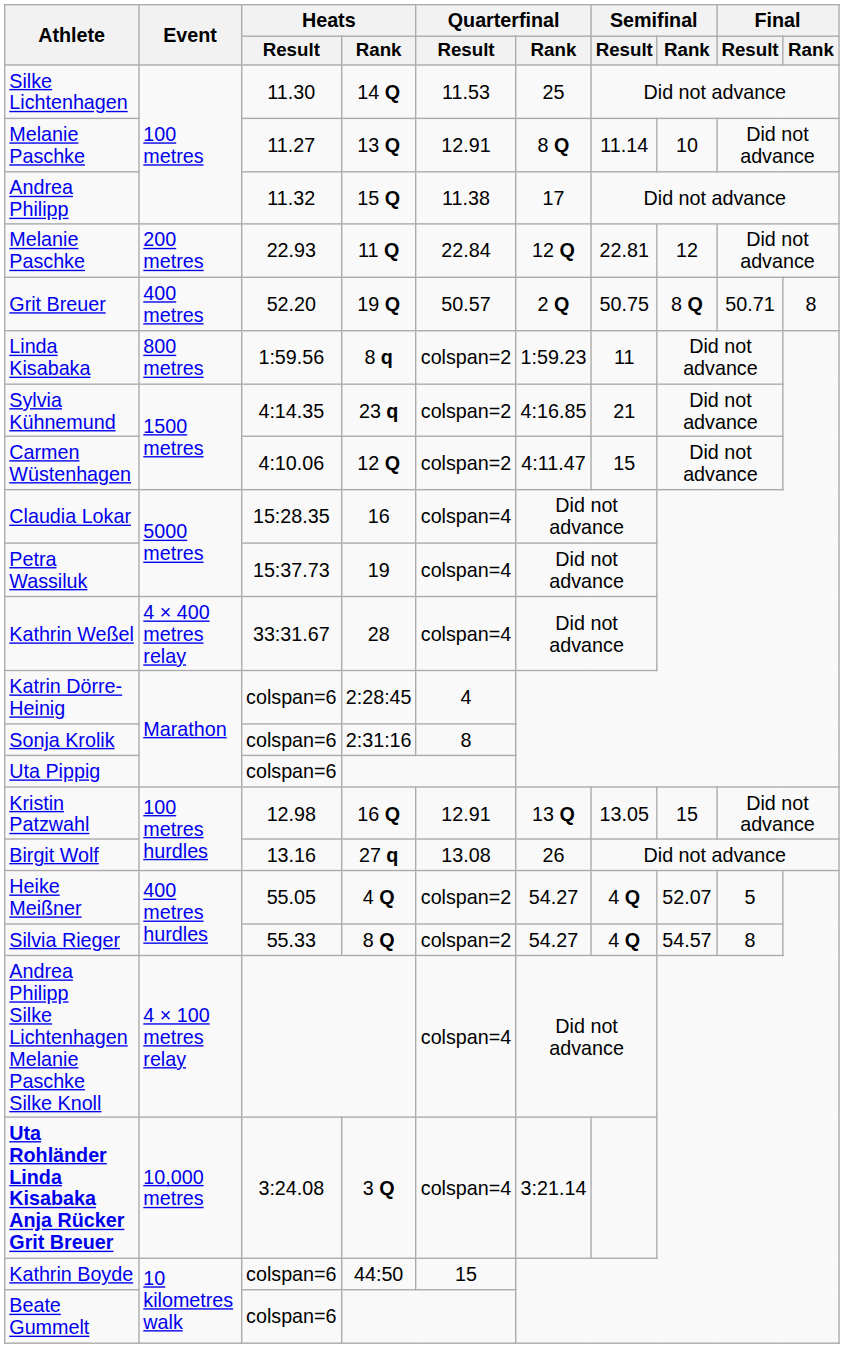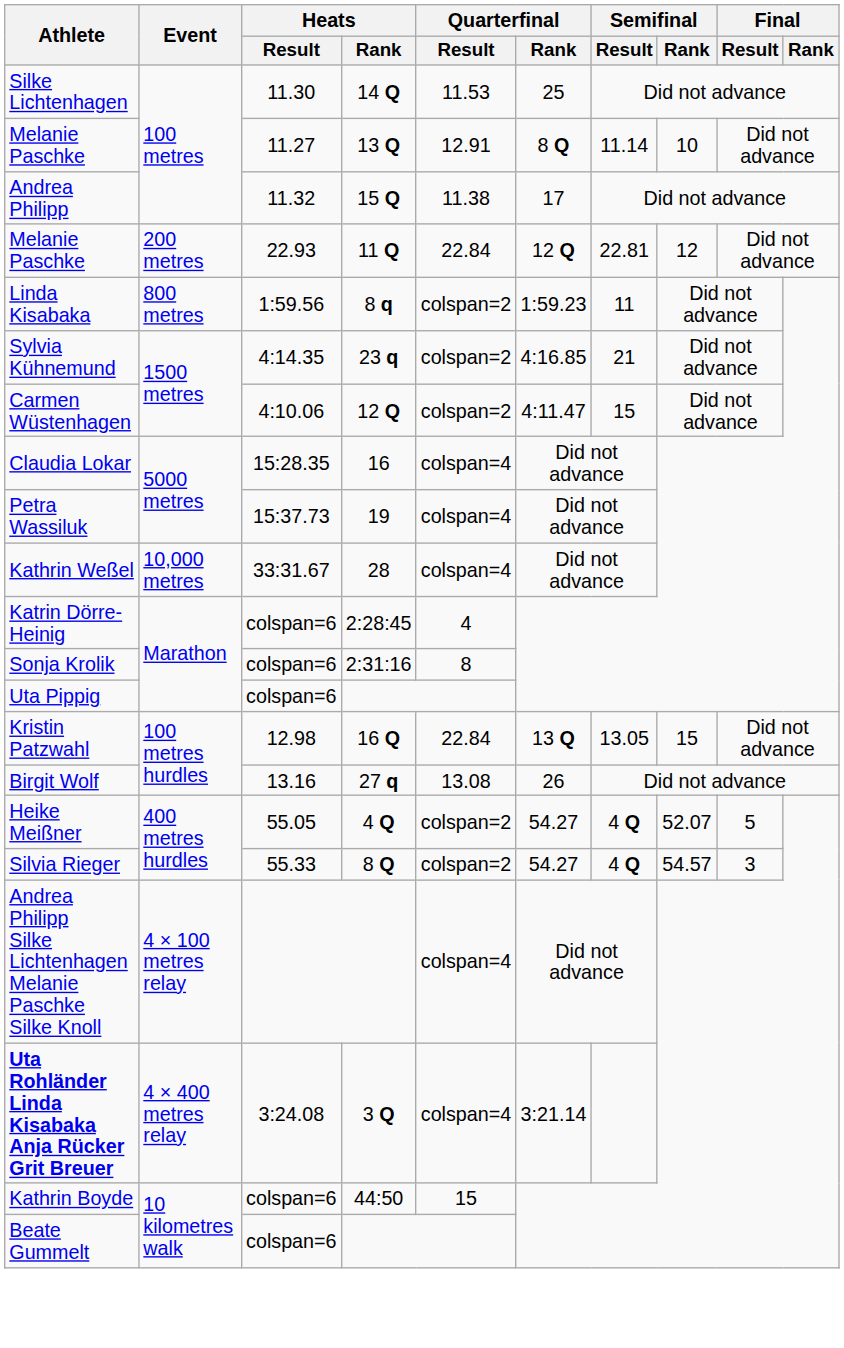 <table class="wikitable" style="font-size:90%">
 <tr>
 <th rowspan="2">Athlete</th>
 <th rowspan="2">Event</th>
 <th colspan="2">Heats</th>
 <th colspan="2">Quarterfinal</th>
 <th colspan="2">Semifinal</th>
 <th colspan="2">Final</th>
 </tr>
 <tr style="font-size:95%">
 <th>Result</th>
 <th>Rank</th>
 <th>Result</th>
 <th>Rank</th>
 <th>Result</th>
 <th>Rank</th>
 <th>Result</th>
 <th>Rank</th>
 </tr>
 <tr align=center>
 <td align=left><a href='#'>Silke Lichtenhagen</a></td>
 <td align=left rowspan=3><a href='#'>100 metres</a></td>
 <td>11.30</td>
 <td>14 <strong>Q</strong></td>
 <td>11.53</td>
 <td>25</td>
 <td colspan=4>Did not advance</td>
 </tr>
 <tr align=center>
 <td align=left><a href='#'>Melanie Paschke</a></td>
 <td>11.27</td>
 <td>13 <strong>Q</strong></td>
 <td>12.91</td>
 <td>8 <strong>Q</strong></td>
 <td>11.14</td>
 <td>10</td>
 <td colspan=2>Did not advance</td>
 </tr>
 <tr align=center>
 <td align=left><a href='#'>Andrea Philipp</a></td>
 <td>11.32</td>
 <td>15 <strong>Q</strong></td>
 <td>11.38</td>
 <td>17</td>
 <td colspan=4>Did not advance</td>
 </tr>
 <tr align=center>
 <td align=left><a href='#'>Melanie Paschke</a></td>
 <td align=left><a href='#'>200 metres</a></td>
 <td>22.93</td>
 <td>11 <strong>Q</strong></td>
 <td>22.84</td>
 <td>12 <strong>Q</strong></td>
 <td>22.81</td>
 <td>12</td>
 <td colspan=2>Did not advance</td>
 </tr>
 <tr align=center>
-<td align=left><a href='#'>Grit Breuer</a></td>
-<td align=left><a href='#'>400 metres</a></td>
-<td>52.20</td>
-<td>19 <strong>Q</strong></td>
-<td>50.57</td>
-<td>2 <strong>Q</strong></td>
-<td>50.75</td>
-<td>8 <strong>Q</strong></td>
-<td>50.71</td>
-<td>8</td>
-</tr>
-<tr align=center>
 <td align=left><a href='#'>Linda Kisabaka</a></td>
 <td align=left><a href='#'>800 metres</a></td>
 <td>1:59.56</td>
 <td>8 <strong>q</strong></td>
 <td>colspan=2</td>
 <td>1:59.23</td>
 <td>11</td>
 <td colspan=2>Did not advance</td>
 </tr>
 <tr align=center>
 <td align=left><a href='#'>Sylvia Kühnemund</a></td>
 <td align=left rowspan=2><a href='#'>1500 metres</a></td>
 <td>4:14.35</td>
 <td>23 <strong>q</strong></td>
 <td>colspan=2</td>
 <td>4:16.85</td>
 <td>21</td>
 <td colspan=2>Did not advance</td>
 </tr>
 <tr align=center>
 <td align=left><a href='#'>Carmen Wüstenhagen</a></td>
 <td>4:10.06</td>
 <td>12 <strong>Q</strong></td>
 <td>colspan=2</td>
 <td>4:11.47</td>
 <td>15</td>
 <td colspan=2>Did not advance</td>
 </tr>
 <tr align=center>
 <td align=left><a href='#'>Claudia Lokar</a></td>
 <td align=left rowspan=2><a href='#'>5000 metres</a></td>
 <td>15:28.35</td>
 <td>16</td>
 <td>colspan=4</td>
 <td colspan=2>Did not advance</td>
 </tr>
 <tr align=center>
 <td align=left><a href='#'>Petra Wassiluk</a></td>
 <td>15:37.73</td>
 <td>19</td>
 <td>colspan=4</td>
 <td colspan=2>Did not advance</td>
 </tr>
 <tr align=center>
 <td align=left><a href='#'>Kathrin Weßel</a></td>
-<td align=left><a href='#'>4 × 400 metres relay</a></td>
+<td align=left><a href='#'>10,000 metres</a></td>
 <td>33:31.67</td>
 <td>28</td>
 <td>colspan=4</td>
 <td colspan=2>Did not advance</td>
 </tr>
 <tr align=center>
 <td align=left><a href='#'>Katrin Dörre-Heinig</a></td>
 <td align=left rowspan=3><a href='#'>Marathon</a></td>
 <td>colspan=6</td>
 <td>2:28:45</td>
 <td>4</td>
 </tr>
 <tr align=center>
 <td align=left><a href='#'>Sonja Krolik</a></td>
 <td>colspan=6</td>
 <td>2:31:16</td>
 <td>8</td>
 </tr>
 <tr align=center>
 <td align=left><a href='#'>Uta Pippig</a></td>
 <td>colspan=6</td>
 <td colspan=2></td>
 </tr>
 <tr align=center>
 <td align=left><a href='#'>Kristin Patzwahl</a></td>
 <td align=left rowspan=2><a href='#'>100 metres hurdles</a></td>
 <td>12.98</td>
 <td>16 <strong>Q</strong></td>
-<td>12.91</td>
+<td>22.84</td>
 <td>13 <strong>Q</strong></td>
 <td>13.05</td>
 <td>15</td>
 <td colspan=2>Did not advance</td>
 </tr>
 <tr align=center>
 <td align=left><a href='#'>Birgit Wolf</a></td>
 <td>13.16</td>
 <td>27 <strong>q</strong></td>
 <td>13.08</td>
 <td>26</td>
 <td colspan=4>Did not advance</td>
 </tr>
 <tr align=center>
 <td align=left><a href='#'>Heike Meißner</a></td>
 <td align=left rowspan=2><a href='#'>400 metres hurdles</a></td>
 <td>55.05</td>
 <td>4 <strong>Q</strong></td>
 <td>colspan=2</td>
 <td>54.27</td>
 <td>4 <strong>Q</strong></td>
 <td>52.07</td>
 <td>5</td>
 </tr>
 <tr align=center>
 <td align=left><a href='#'>Silvia Rieger</a></td>
 <td>55.33</td>
 <td>8 <strong>Q</strong></td>
 <td>colspan=2</td>
 <td>54.27</td>
 <td>4 <strong>Q</strong></td>
 <td>54.57</td>
-<td>8</td>
+<td>3</td>
 </tr>
 <tr align=center>
 <td align=left><a href='#'>Andrea Philipp</a><br><a href='#'>Silke Lichtenhagen</a><br><a href='#'>Melanie Paschke</a><br><a href='#'>Silke Knoll</a></td>
 <td align=left><a href='#'>4 × 100 metres relay</a></td>
 <td colspan=2></td>
 <td>colspan=4</td>
 <td colspan=2>Did not advance</td>
 </tr>
 <tr align=center>
 <td align=left><strong><a href='#'>Uta Rohländer</a><br><a href='#'>Linda Kisabaka</a><br><a href='#'>Anja Rücker</a><br><a href='#'>Grit Breuer</a></strong></td>
-<td align=left><a href='#'>10,000 metres</a></td>
+<td align=left><a href='#'>4 × 400 metres relay</a></td>
 <td>3:24.08</td>
 <td>3 <strong>Q</strong></td>
 <td>colspan=4</td>
 <td>3:21.14</td>
 <td></td>
 </tr>
 <tr align=center>
 <td align=left><a href='#'>Kathrin Boyde</a></td>
 <td align=left rowspan=2><a href='#'>10 kilometres walk</a></td>
 <td>colspan=6</td>
 <td>44:50</td>
 <td>15</td>
 </tr>
 <tr align=center>
 <td align=left><a href='#'>Beate Gummelt</a></td>
 <td>colspan=6</td>
 <td colspan=2></td>
 </tr>
 </table>
